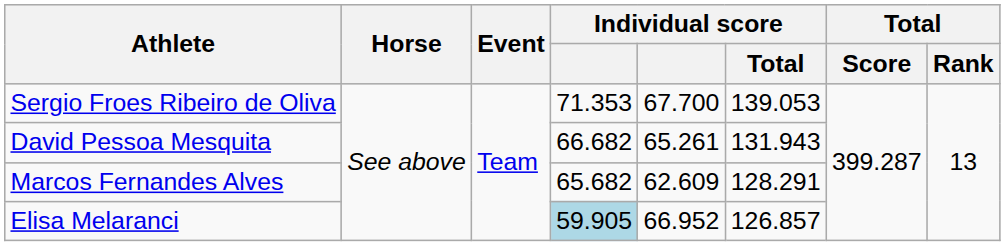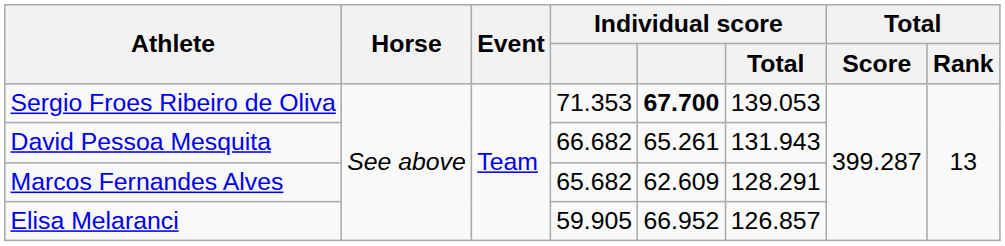 <table class=wikitable>
 <tr>
 <th rowspan="2">Athlete</th>
 <th rowspan="2">Horse</th>
 <th rowspan="2">Event</th>
 <th colspan="3">Individual score</th>
 <th colspan="2">Total</th>
 </tr>
 <tr>
 <th></th>
 <th></th>
 <th>Total</th>
 <th>Score</th>
 <th>Rank</th>
 </tr>
 <tr>
 <td><a href='#'>Sergio Froes Ribeiro de Oliva</a></td>
 <td rowspan=4><em>See above</em></td>
 <td rowspan=4><a href='#'>Team</a></td>
 <td align="center">71.353</td>
-<td align="center">67.700</td>
+<td align="center"><strong>67.700</strong></td>
 <td align="center">139.053</td>
 <td align="center" rowspan="4">399.287</td>
 <td align="center" rowspan="4">13</td>
 </tr>
 <tr>
 <td><a href='#'>David Pessoa Mesquita</a></td>
 <td align="center">66.682</td>
 <td align="center">65.261</td>
 <td align="center">131.943</td>
 </tr>
 <tr>
 <td><a href='#'>Marcos Fernandes Alves</a></td>
 <td align="center">65.682</td>
 <td align="center">62.609</td>
 <td align="center">128.291</td>
 </tr>
 <tr>
 <td><a href='#'>Elisa Melaranci</a></td>
-<td align="center" style="background: lightblue;">59.905</td>
+<td align="center">59.905</td>
 <td align="center">66.952</td>
 <td align="center">126.857</td>
 </tr>
 </table>
